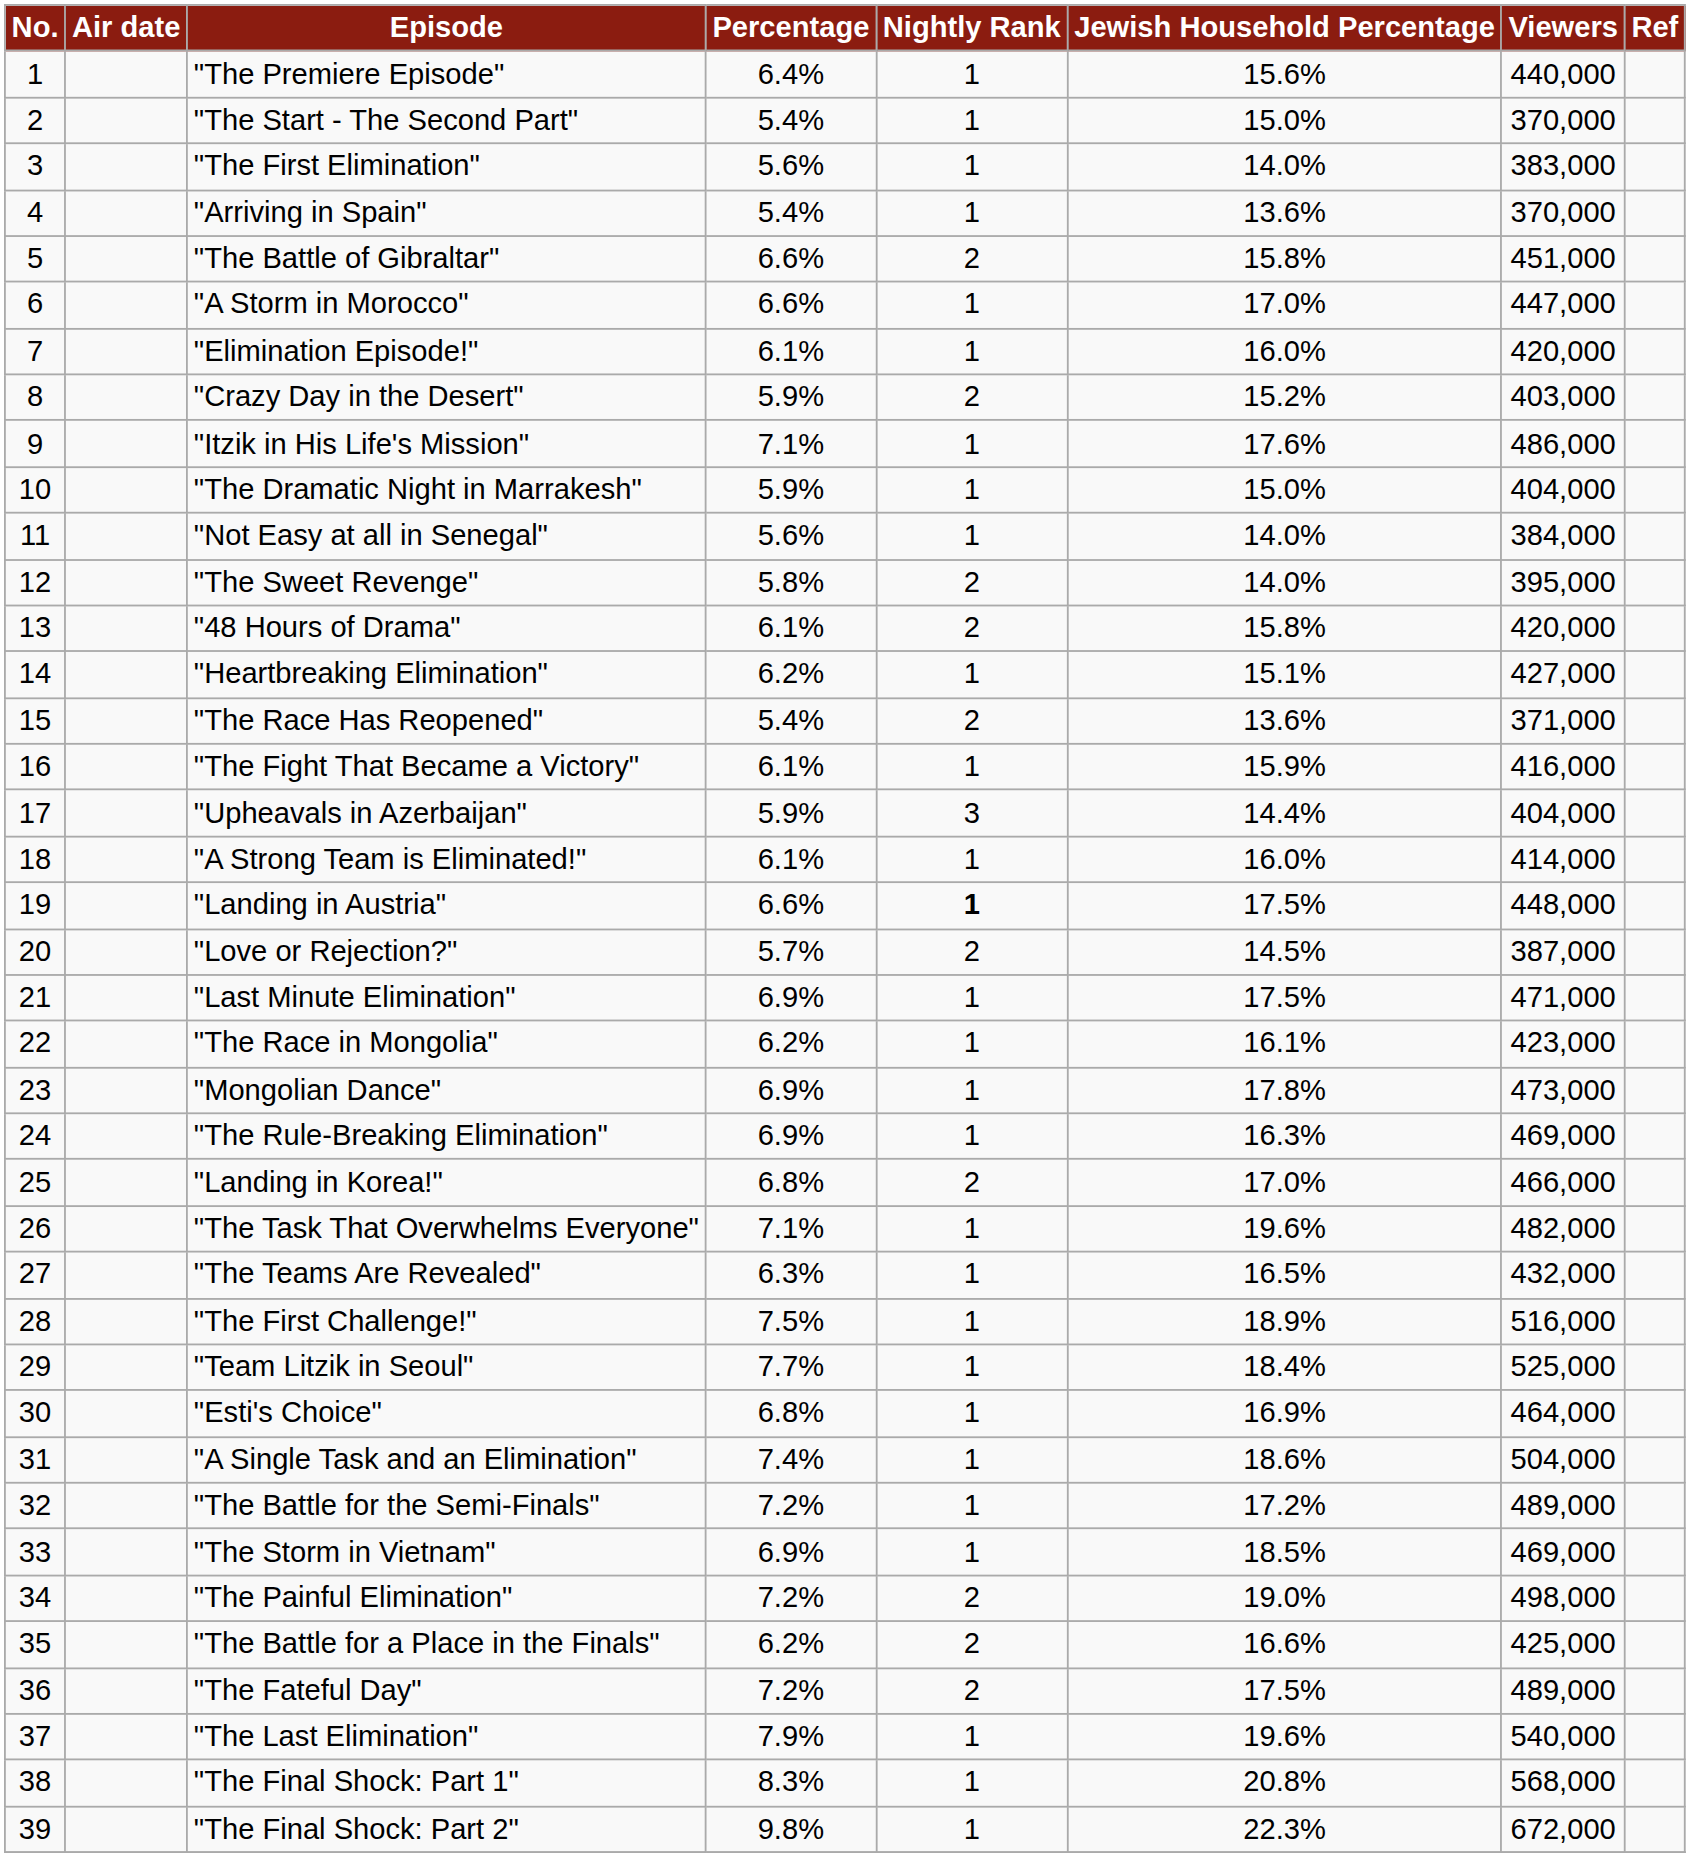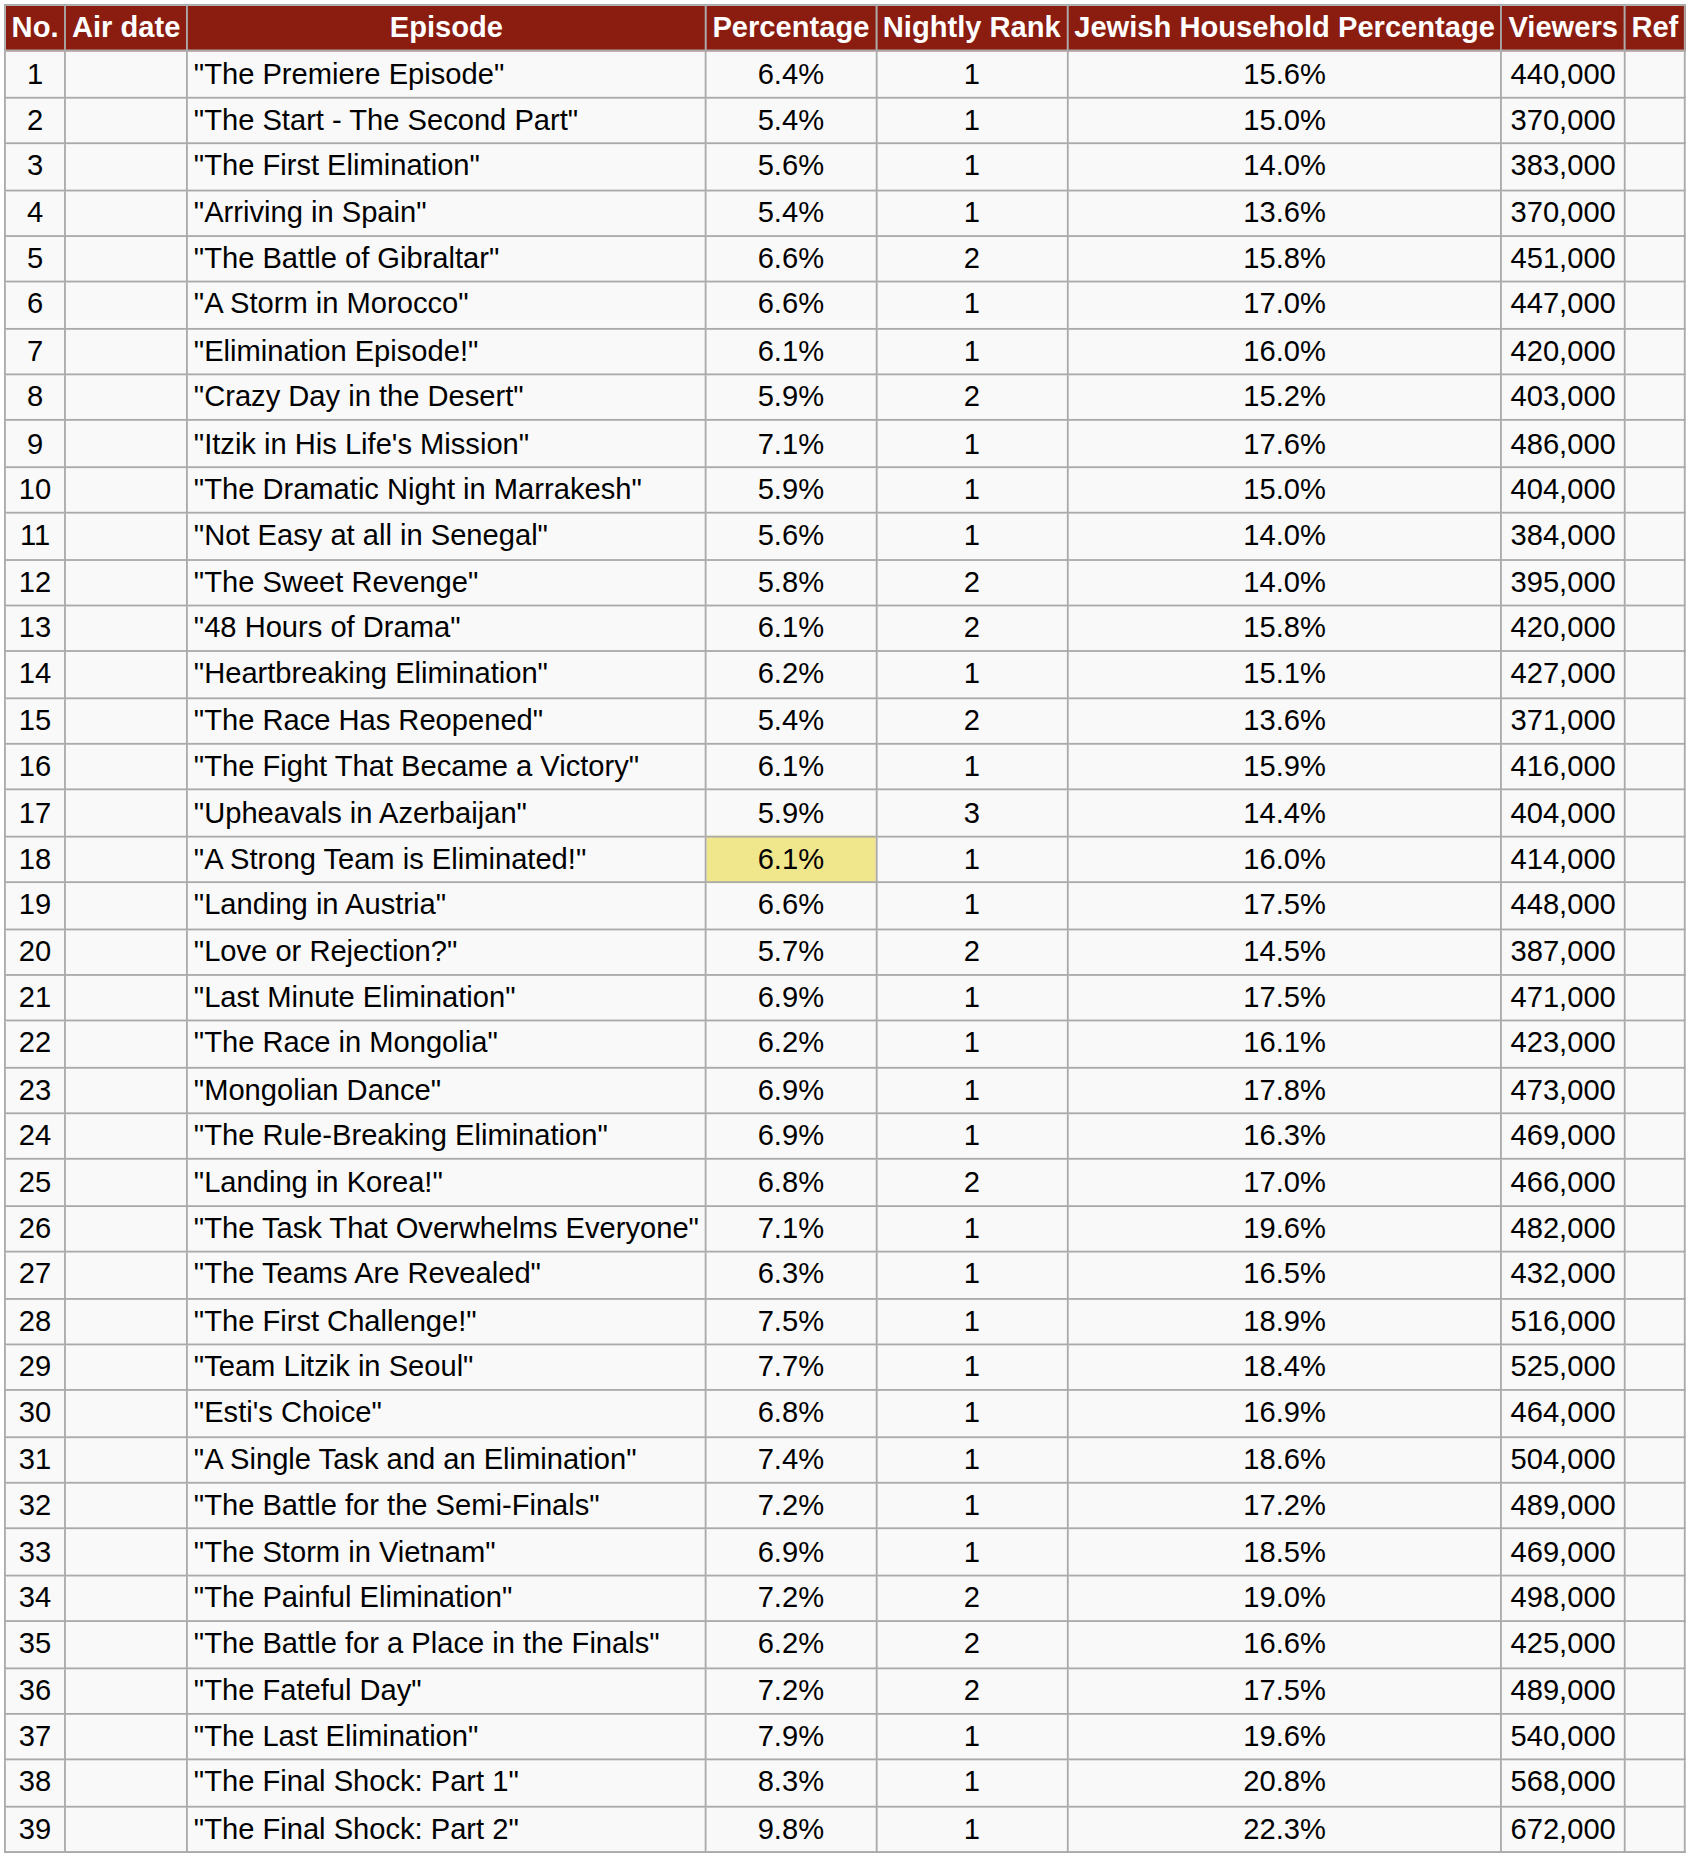 <table class="wikitable" style="text-align:center;">
 <tr>
 <th style="background:#8b1c10; color:white;">No.</th>
 <th style="background:#8b1c10; color:white;">Air date</th>
 <th style="background:#8b1c10; color:white;">Episode</th>
 <th style="background:#8b1c10; color:white;">Percentage</th>
 <th style="background:#8b1c10; color:white;">Nightly Rank</th>
 <th style="background:#8b1c10; color:white;">Jewish Household Percentage</th>
 <th style="background:#8b1c10; color:white;">Viewers</th>
 <th style="background:#8b1c10; color:white;">Ref</th>
 </tr>
 <tr>
 <td>1</td>
 <td style="text-align:left;"></td>
 <td style="text-align:left;">"The Premiere Episode"</td>
 <td>6.4%</td>
 <td>1</td>
 <td>15.6%</td>
 <td>440,000</td>
 <td></td>
 </tr>
 <tr>
 <td>2</td>
 <td style="text-align:left;"></td>
 <td style="text-align:left;">"The Start - The Second Part"</td>
 <td>5.4%</td>
 <td>1</td>
 <td>15.0%</td>
 <td>370,000</td>
 <td></td>
 </tr>
 <tr>
 <td>3</td>
 <td style="text-align:left;"></td>
 <td style="text-align:left;">"The First Elimination"</td>
 <td>5.6%</td>
 <td>1</td>
 <td>14.0%</td>
 <td>383,000</td>
 <td></td>
 </tr>
 <tr>
 <td>4</td>
 <td style="text-align:left;"></td>
 <td style="text-align:left;">"Arriving in Spain"</td>
 <td>5.4%</td>
 <td>1</td>
 <td>13.6%</td>
 <td>370,000</td>
 <td></td>
 </tr>
 <tr>
 <td>5</td>
 <td style="text-align:left;"></td>
 <td style="text-align:left;">"The Battle of Gibraltar"</td>
 <td>6.6%</td>
 <td>2</td>
 <td>15.8%</td>
 <td>451,000</td>
 <td></td>
 </tr>
 <tr>
 <td>6</td>
 <td style="text-align:left;"></td>
 <td style="text-align:left;">"A Storm in Morocco"</td>
 <td>6.6%</td>
 <td>1</td>
 <td>17.0%</td>
 <td>447,000</td>
 <td></td>
 </tr>
 <tr>
 <td>7</td>
 <td style="text-align:left;"></td>
 <td style="text-align:left;">"Elimination Episode!"</td>
 <td>6.1%</td>
 <td>1</td>
 <td>16.0%</td>
 <td>420,000</td>
 <td></td>
 </tr>
 <tr>
 <td>8</td>
 <td style="text-align:left;"></td>
 <td style="text-align:left;">"Crazy Day in the Desert"</td>
 <td>5.9%</td>
 <td>2</td>
 <td>15.2%</td>
 <td>403,000</td>
 <td></td>
 </tr>
 <tr>
 <td>9</td>
 <td style="text-align:left;"></td>
 <td style="text-align:left;">"Itzik in His Life's Mission"</td>
 <td>7.1%</td>
 <td>1</td>
 <td>17.6%</td>
 <td>486,000</td>
 <td></td>
 </tr>
 <tr>
 <td>10</td>
 <td style="text-align:left;"></td>
 <td style="text-align:left;">"The Dramatic Night in Marrakesh"</td>
 <td>5.9%</td>
 <td>1</td>
 <td>15.0%</td>
 <td>404,000</td>
 <td></td>
 </tr>
 <tr>
 <td>11</td>
 <td style="text-align:left;"></td>
 <td style="text-align:left;">"Not Easy at all in Senegal"</td>
 <td>5.6%</td>
 <td>1</td>
 <td>14.0%</td>
 <td>384,000</td>
 <td></td>
 </tr>
 <tr>
 <td>12</td>
 <td style="text-align:left;"></td>
 <td style="text-align:left;">"The Sweet Revenge"</td>
 <td>5.8%</td>
 <td>2</td>
 <td>14.0%</td>
 <td>395,000</td>
 <td></td>
 </tr>
 <tr>
 <td>13</td>
 <td style="text-align:left;"></td>
 <td style="text-align:left;">"48 Hours of Drama"</td>
 <td>6.1%</td>
 <td>2</td>
 <td>15.8%</td>
 <td>420,000</td>
 <td></td>
 </tr>
 <tr>
 <td>14</td>
 <td style="text-align:left;"></td>
 <td style="text-align:left;">"Heartbreaking Elimination"</td>
 <td>6.2%</td>
 <td>1</td>
 <td>15.1%</td>
 <td>427,000</td>
 <td></td>
 </tr>
 <tr>
 <td>15</td>
 <td style="text-align:left;"></td>
 <td style="text-align:left;">"The Race Has Reopened"</td>
 <td>5.4%</td>
 <td>2</td>
 <td>13.6%</td>
 <td>371,000</td>
 <td></td>
 </tr>
 <tr>
 <td>16</td>
 <td style="text-align:left;"></td>
 <td style="text-align:left;">"The Fight That Became a Victory"</td>
 <td>6.1%</td>
 <td>1</td>
 <td>15.9%</td>
 <td>416,000</td>
 <td></td>
 </tr>
 <tr>
 <td>17</td>
 <td style="text-align:left;"></td>
 <td style="text-align:left;">"Upheavals in Azerbaijan"</td>
 <td>5.9%</td>
 <td>3</td>
 <td>14.4%</td>
 <td>404,000</td>
 <td></td>
 </tr>
 <tr>
 <td>18</td>
 <td style="text-align:left;"></td>
 <td style="text-align:left;">"A Strong Team is Eliminated!"</td>
-<td>6.1%</td>
+<td style="background: khaki;">6.1%</td>
 <td>1</td>
 <td>16.0%</td>
 <td>414,000</td>
 <td></td>
 </tr>
 <tr>
 <td>19</td>
 <td style="text-align:left;"></td>
 <td style="text-align:left;">"Landing in Austria"</td>
 <td>6.6%</td>
-<td><strong>1</strong></td>
+<td>1</td>
 <td>17.5%</td>
 <td>448,000</td>
 <td></td>
 </tr>
 <tr>
 <td>20</td>
 <td style="text-align:left;"></td>
 <td style="text-align:left;">"Love or Rejection?"</td>
 <td>5.7%</td>
 <td>2</td>
 <td>14.5%</td>
 <td>387,000</td>
 <td></td>
 </tr>
 <tr>
 <td>21</td>
 <td style="text-align:left;"></td>
 <td style="text-align:left;">"Last Minute Elimination"</td>
 <td>6.9%</td>
 <td>1</td>
 <td>17.5%</td>
 <td>471,000</td>
 <td></td>
 </tr>
 <tr>
 <td>22</td>
 <td style="text-align:left;"></td>
 <td style="text-align:left;">"The Race in Mongolia"</td>
 <td>6.2%</td>
 <td>1</td>
 <td>16.1%</td>
 <td>423,000</td>
 <td></td>
 </tr>
 <tr>
 <td>23</td>
 <td style="text-align:left;"></td>
 <td style="text-align:left;">"Mongolian Dance"</td>
 <td>6.9%</td>
 <td>1</td>
 <td>17.8%</td>
 <td>473,000</td>
 <td></td>
 </tr>
 <tr>
 <td>24</td>
 <td style="text-align:left;"></td>
 <td style="text-align:left;">"The Rule-Breaking Elimination"</td>
 <td>6.9%</td>
 <td>1</td>
 <td>16.3%</td>
 <td>469,000</td>
 <td></td>
 </tr>
 <tr>
 <td>25</td>
 <td style="text-align:left;"></td>
 <td style="text-align:left;">"Landing in Korea!"</td>
 <td>6.8%</td>
 <td>2</td>
 <td>17.0%</td>
 <td>466,000</td>
 <td></td>
 </tr>
 <tr>
 <td>26</td>
 <td style="text-align:left;"></td>
 <td style="text-align:left;">"The Task That Overwhelms Everyone"</td>
 <td>7.1%</td>
 <td>1</td>
 <td>19.6%</td>
 <td>482,000</td>
 <td></td>
 </tr>
 <tr>
 <td>27</td>
 <td style="text-align:left;"></td>
 <td style="text-align:left;">"The Teams Are Revealed"</td>
 <td>6.3%</td>
 <td>1</td>
 <td>16.5%</td>
 <td>432,000</td>
 <td></td>
 </tr>
 <tr>
 <td>28</td>
 <td style="text-align:left;"></td>
 <td style="text-align:left;">"The First Challenge!"</td>
 <td>7.5%</td>
 <td>1</td>
 <td>18.9%</td>
 <td>516,000</td>
 <td></td>
 </tr>
 <tr>
 <td>29</td>
 <td style="text-align:left;"></td>
 <td style="text-align:left;">"Team Litzik in Seoul"</td>
 <td>7.7%</td>
 <td>1</td>
 <td>18.4%</td>
 <td>525,000</td>
 <td></td>
 </tr>
 <tr>
 <td>30</td>
 <td style="text-align:left;"></td>
 <td style="text-align:left;">"Esti's Choice"</td>
 <td>6.8%</td>
 <td>1</td>
 <td>16.9%</td>
 <td>464,000</td>
 <td></td>
 </tr>
 <tr>
 <td>31</td>
 <td style="text-align:left;"></td>
 <td style="text-align:left;">"A Single Task and an Elimination"</td>
 <td>7.4%</td>
 <td>1</td>
 <td>18.6%</td>
 <td>504,000</td>
 <td></td>
 </tr>
 <tr>
 <td>32</td>
 <td style="text-align:left;"></td>
 <td style="text-align:left;">"The Battle for the Semi-Finals"</td>
 <td>7.2%</td>
 <td>1</td>
 <td>17.2%</td>
 <td>489,000</td>
 <td></td>
 </tr>
 <tr>
 <td>33</td>
 <td style="text-align:left;"></td>
 <td style="text-align:left;">"The Storm in Vietnam"</td>
 <td>6.9%</td>
 <td>1</td>
 <td>18.5%</td>
 <td>469,000</td>
 <td></td>
 </tr>
 <tr>
 <td>34</td>
 <td style="text-align:left;"></td>
 <td style="text-align:left;">"The Painful Elimination"</td>
 <td>7.2%</td>
 <td>2</td>
 <td>19.0%</td>
 <td>498,000</td>
 <td></td>
 </tr>
 <tr>
 <td>35</td>
 <td style="text-align:left;"></td>
 <td style="text-align:left;">"The Battle for a Place in the Finals"</td>
 <td>6.2%</td>
 <td>2</td>
 <td>16.6%</td>
 <td>425,000</td>
 <td></td>
 </tr>
 <tr>
 <td>36</td>
 <td style="text-align:left;"></td>
 <td style="text-align:left;">"The Fateful Day"</td>
 <td>7.2%</td>
 <td>2</td>
 <td>17.5%</td>
 <td>489,000</td>
 <td></td>
 </tr>
 <tr>
 <td>37</td>
 <td style="text-align:left;"></td>
 <td style="text-align:left;">"The Last Elimination"</td>
 <td>7.9%</td>
 <td>1</td>
 <td>19.6%</td>
 <td>540,000</td>
 <td></td>
 </tr>
 <tr>
 <td>38</td>
 <td style="text-align:left;"></td>
 <td style="text-align:left;">"The Final Shock: Part 1"</td>
 <td>8.3%</td>
 <td>1</td>
 <td>20.8%</td>
 <td>568,000</td>
 <td></td>
 </tr>
 <tr>
 <td>39</td>
 <td style="text-align:left;"></td>
 <td style="text-align:left;">"The Final Shock: Part 2"</td>
 <td>9.8%</td>
 <td>1</td>
 <td>22.3%</td>
 <td>672,000</td>
 <td></td>
 </tr>
 <tr>
 </tr>
 </table>
